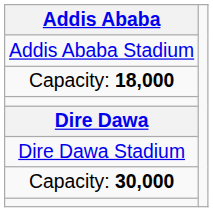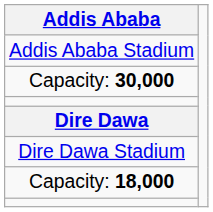 <table class="wikitable" style="text-align:center">
 <tr>
 <th><a href='#'>Addis Ababa</a></th>
 <td rowspan="8"><br>  </td>
 </tr>
 <tr>
 <td><a href='#'>Addis Ababa Stadium</a></td>
 </tr>
 <tr>
-<td>Capacity: <strong>18,000</strong></td>
+<td>Capacity: <strong>30,000</strong></td>
 </tr>
 <tr>
 <td></td>
 </tr>
 <tr>
 <th><a href='#'>Dire Dawa</a></th>
 </tr>
 <tr>
 <td><a href='#'>Dire Dawa Stadium</a></td>
 </tr>
 <tr>
-<td>Capacity: <strong>30,000</strong></td>
+<td>Capacity: <strong>18,000</strong></td>
 </tr>
 <tr>
 <td></td>
 </tr>
 </table>
